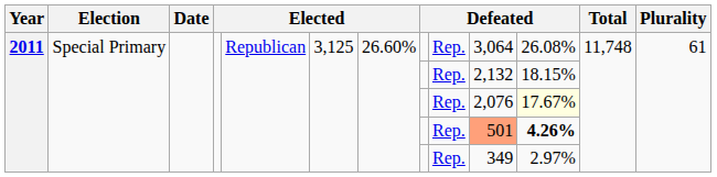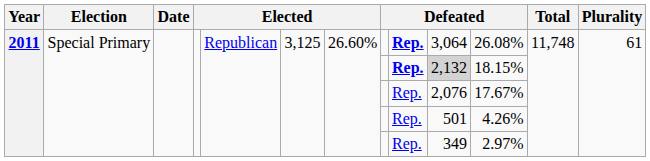 <table class="wikitable">
 <tr>
 <th>Year</th>
 <th>Election</th>
 <th>Date</th>
 <th colspan="4">Elected</th>
 <th colspan="4">Defeated</th>
 <th>Total</th>
 <th>Plurality</th>
 </tr>
 <tr>
 <th rowspan="5" valign="top"><a href='#'>2011</a><br><a href='#'></a></th>
 <td rowspan="5" valign="top">Special Primary</td>
 <td rowspan="5" valign="top"></td>
 <td rowspan="5" valign="top"></td>
 <td valign="top" rowspan="5" ><a href='#'>Republican</a></td>
 <td rowspan="5" align="right" valign="top">3,125</td>
 <td rowspan="5" align="right" valign="top">26.60%</td>
 <td valign="top"></td>
-<td valign="top" ><a href='#'>Rep.</a></td>
+<td valign="top" ><strong><a href='#'>Rep.</a></strong></td>
 <td align="right" valign="top">3,064</td>
 <td align="right" valign="top">26.08%</td>
 <td rowspan="5" align="right" valign="top">11,748</td>
 <td rowspan="5" align="right" valign="top">61</td>
 </tr>
 <tr>
 <td valign="top"></td>
-<td valign="top" ><a href='#'>Rep.</a></td>
-<td align="right" valign="top">2,132</td>
+<td valign="top" ><strong><a href='#'>Rep.</a></strong></td>
+<td align="right" valign="top" style="background: lightgrey;">2,132</td>
 <td align="right" valign="top">18.15%</td>
 </tr>
 <tr>
 <td valign="top"></td>
 <td valign="top" ><a href='#'>Rep.</a></td>
 <td align="right" valign="top">2,076</td>
-<td align="right" valign="top" style="background: lightyellow;">17.67%</td>
+<td align="right" valign="top">17.67%</td>
 </tr>
 <tr>
 <td valign="top"></td>
 <td valign="top" ><a href='#'>Rep.</a></td>
-<td align="right" valign="top" style="background: lightsalmon;">501</td>
-<td align="right" valign="top"><strong>4.26%</strong></td>
+<td align="right" valign="top">501</td>
+<td align="right" valign="top">4.26%</td>
 </tr>
 <tr>
 <td valign="top"></td>
 <td valign="top" ><a href='#'>Rep.</a></td>
 <td align="right" valign="top">349</td>
 <td align="right" valign="top">2.97%</td>
 </tr>
 </table>
